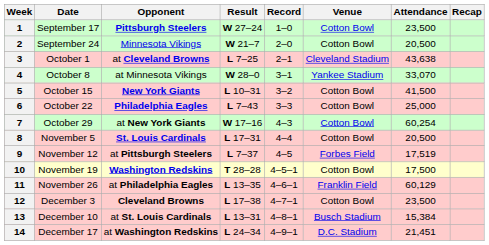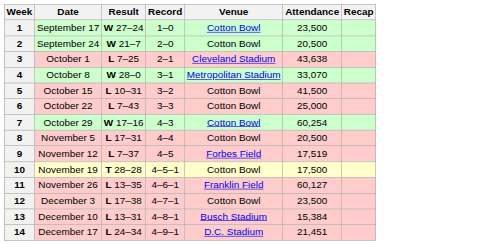 <table class="wikitable" style="text-align:center">
 <tr>
 <th>Week</th>
 <th>Date</th>
-<th>Opponent</th>
 <th>Result</th>
 <th>Record</th>
 <th>Venue</th>
 <th>Attendance</th>
 <th>Recap</th>
 </tr>
 <tr style="background: #cfc">
 <th>1</th>
 <td>September 17</td>
-<td><strong><a href='#'>Pittsburgh Steelers</a></strong></td>
 <td><strong>W</strong> 27–24</td>
 <td>1–0</td>
 <td><a href='#'>Cotton Bowl</a></td>
 <td>23,500</td>
 <td></td>
 </tr>
 <tr style="background: #cfc">
 <th>2</th>
 <td>September 24</td>
-<td><a href='#'>Minnesota Vikings</a></td>
 <td><strong>W</strong> 21–7</td>
 <td>2–0</td>
 <td>Cotton Bowl</td>
 <td>20,500</td>
 <td></td>
 </tr>
 <tr style="background: #fcc">
 <th>3</th>
 <td>October 1</td>
-<td>at <strong><a href='#'>Cleveland Browns</a></strong></td>
 <td><strong>L</strong> 7–25</td>
 <td>2–1</td>
 <td><a href='#'>Cleveland Stadium</a></td>
 <td>43,638</td>
 <td></td>
 </tr>
 <tr style="background: #cfc">
 <th>4</th>
 <td>October 8</td>
-<td>at Minnesota Vikings</td>
 <td><strong>W</strong> 28–0</td>
 <td>3–1</td>
-<td><a href='#'>Yankee Stadium</a></td>
+<td><a href='#'>Metropolitan Stadium</a></td>
 <td>33,070</td>
 <td></td>
 </tr>
 <tr style="background: #fcc">
 <th>5</th>
 <td>October 15</td>
-<td><strong><a href='#'>New York Giants</a></strong></td>
 <td><strong>L</strong> 10–31</td>
 <td>3–2</td>
 <td>Cotton Bowl</td>
 <td>41,500</td>
 <td></td>
 </tr>
 <tr style="background: #fcc">
 <th>6</th>
 <td>October 22</td>
-<td><strong><a href='#'>Philadelphia Eagles</a></strong></td>
 <td><strong>L</strong> 7–43</td>
 <td>3–3</td>
 <td>Cotton Bowl</td>
 <td>25,000</td>
 <td></td>
 </tr>
 <tr style="background: #cfc">
 <th>7</th>
 <td>October 29</td>
-<td>at <strong>New York Giants</strong></td>
 <td><strong>W</strong> 17–16</td>
 <td>4–3</td>
 <td><a href='#'>Cotton Bowl</a></td>
 <td>60,254</td>
 <td></td>
 </tr>
 <tr style="background: #fcc">
 <th>8</th>
 <td>November 5</td>
-<td><strong><a href='#'>St. Louis Cardinals</a></strong></td>
 <td><strong>L</strong> 17–31</td>
 <td>4–4</td>
 <td>Cotton Bowl</td>
 <td>20,500</td>
 <td></td>
 </tr>
 <tr style="background: #fcc">
 <th>9</th>
 <td>November 12</td>
-<td>at <strong>Pittsburgh Steelers</strong></td>
 <td><strong>L</strong> 7–37</td>
 <td>4–5</td>
 <td><a href='#'>Forbes Field</a></td>
 <td>17,519</td>
 <td></td>
 </tr>
 <tr style="background: #ffc">
 <th>10</th>
 <td>November 19</td>
-<td><strong><a href='#'>Washington Redskins</a></strong></td>
 <td><strong>T</strong> 28–28</td>
 <td>4–5–1</td>
 <td>Cotton Bowl</td>
 <td>17,500</td>
 <td></td>
 </tr>
 <tr style="background: #fcc">
 <th>11</th>
 <td>November 26</td>
-<td>at <strong>Philadelphia Eagles</strong></td>
 <td><strong>L</strong> 13–35</td>
 <td>4–6–1</td>
 <td><a href='#'>Franklin Field</a></td>
-<td>60,129</td>
+<td>60,127</td>
 <td></td>
 </tr>
 <tr style="background: #fcc">
 <th>12</th>
 <td>December 3</td>
-<td><strong>Cleveland Browns</strong></td>
 <td><strong>L</strong> 17–38</td>
 <td>4–7–1</td>
 <td>Cotton Bowl</td>
 <td>23,500</td>
 <td></td>
 </tr>
 <tr style="background: #fcc">
 <th>13</th>
 <td>December 10</td>
-<td>at <strong>St. Louis Cardinals</strong></td>
 <td><strong>L</strong> 13–31</td>
 <td>4–8–1</td>
 <td><a href='#'>Busch Stadium</a></td>
 <td>15,384</td>
 <td></td>
 </tr>
 <tr style="background: #fcc">
 <th>14</th>
 <td>December 17</td>
-<td>at <strong>Washington Redskins</strong></td>
 <td><strong>L</strong> 24–34</td>
 <td>4–9–1</td>
 <td><a href='#'>D.C. Stadium</a></td>
 <td>21,451</td>
 <td></td>
 </tr>
 </table>
